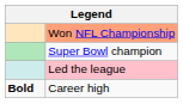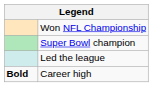 <table class="wikitable">
 <tr>
 <th colspan="2">Legend</th>
 </tr>
 <tr>
 <td style="background:#ffe6bd; width:3em;"></td>
-<td style="background: lightsalmon;">Won <a href='#'>NFL Championship</a></td>
+<td>Won <a href='#'>NFL Championship</a></td>
 </tr>
 <tr>
 <td style="background:#afe6ba; width:3em;"></td>
 <td><a href='#'>Super Bowl</a> champion</td>
 </tr>
 <tr>
 <td style="background:#cfecec; width:3em;"></td>
-<td style="background: pink;">Led the league</td>
+<td>Led the league</td>
 </tr>
 <tr>
 <td><strong>Bold</strong></td>
 <td>Career high</td>
 </tr>
 </table>
